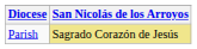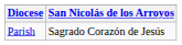 <table class="wikitable">
 <tr bgcolor="#ececec">
 </tr>
 <tr javascript:translate().>
 <th><a href='#'>Diocese</a></th>
 <th><a href='#'>San Nicolás de los Arroyos</a></th>
 </tr>
 <tr>
 <td><a href='#'>Parish</a></td>
-<td style="background: khaki;">Sagrado Corazón de Jesús</td>
+<td>Sagrado Corazón de Jesús</td>
 </tr>
 </table>
